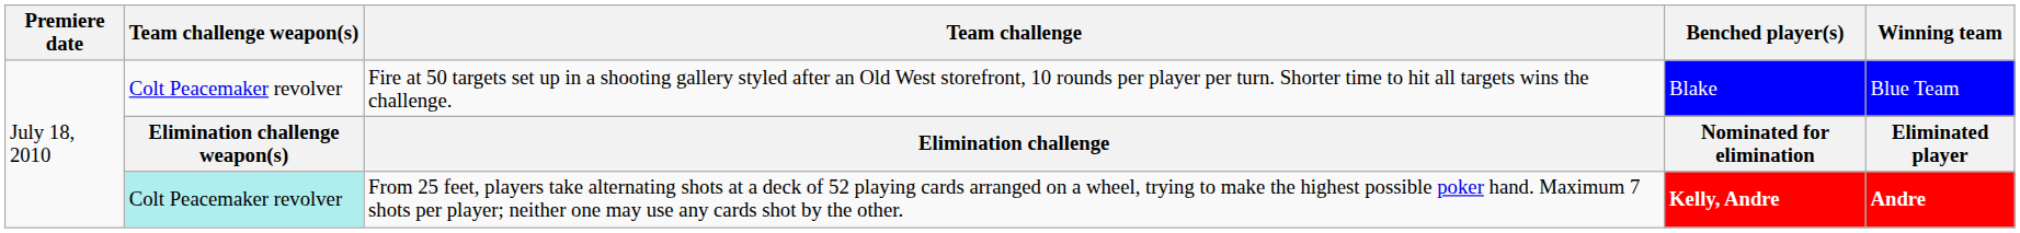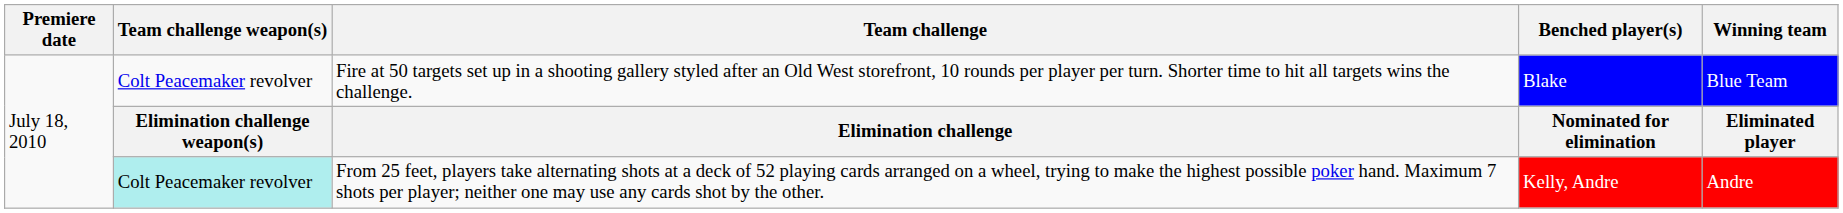 <table class="wikitable">
 <tr>
 <th>Premiere date</th>
 <th>Team challenge weapon(s)</th>
 <th>Team challenge</th>
 <th>Benched player(s)</th>
 <th>Winning team</th>
 </tr>
 <tr>
 <td rowspan="3">July 18, 2010</td>
 <td><a href='#'>Colt Peacemaker</a> revolver</td>
 <td>Fire at 50 targets set up in a shooting gallery styled after an Old West storefront, 10 rounds per player per turn. Shorter time to hit all targets wins the challenge.</td>
 <td style="background:blue; color:white;">Blake</td>
 <td style="background:blue; color:white;">Blue Team</td>
 </tr>
 <tr>
 <th>Elimination challenge weapon(s)</th>
 <th>Elimination challenge</th>
 <th>Nominated for elimination</th>
 <th>Eliminated player</th>
 </tr>
 <tr>
 <td style="background: paleturquoise;">Colt Peacemaker revolver</td>
 <td>From 25 feet, players take alternating shots at a deck of 52 playing cards arranged on a wheel, trying to make the highest possible <a href='#'>poker</a> hand. Maximum 7 shots per player; neither one may use any cards shot by the other.</td>
-<td style="background:red; color:white;"><strong>Kelly, Andre</strong></td>
-<td style="background:red; color:white;"><strong>Andre</strong></td>
+<td style="background:red; color:white;">Kelly, Andre</td>
+<td style="background:red; color:white;">Andre</td>
 </tr>
 </table>
